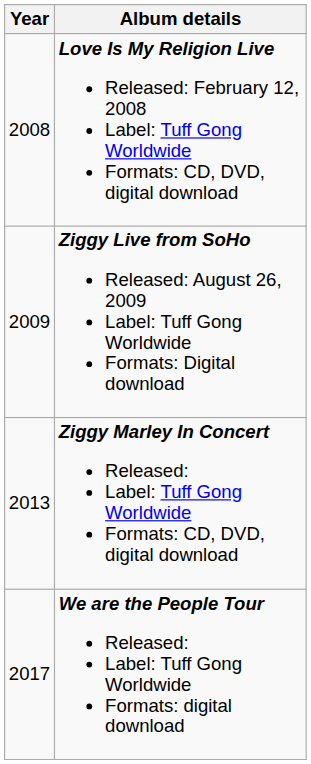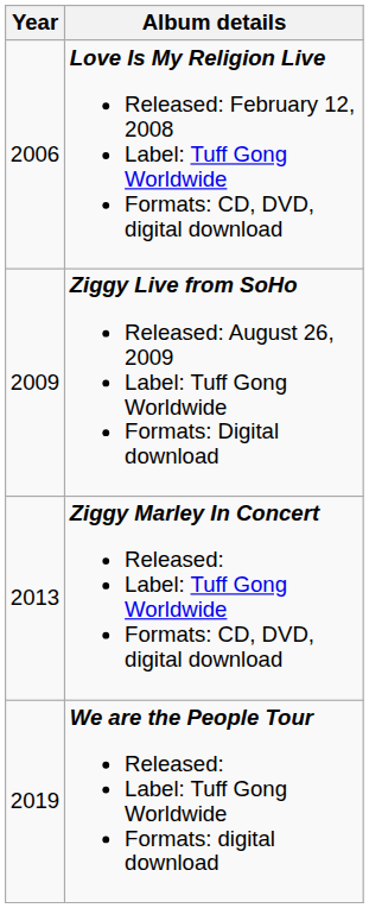 <table class="wikitable" style=text-align:center;>
 <tr>
 <th rowspan="1" style="width:30px;">Year</th>
 <th rowspan="1" style="width:210px;">Album details</th>
 </tr>
 <tr>
-<td>2008</td>
+<td>2006</td>
 <td align=left><strong><em>Love Is My Religion Live</em></strong><br><ul><li>Released: February 12, 2008</li><li>Label: <a href='#'>Tuff Gong Worldwide</a></li><li>Formats: CD, DVD, digital download</li></ul></td>
 </tr>
 <tr>
 <td>2009</td>
 <td align=left><strong><em>Ziggy Live from SoHo</em></strong><br><ul><li>Released: August 26, 2009</li><li>Label: Tuff Gong Worldwide</li><li>Formats: Digital download</li></ul></td>
 </tr>
 <tr>
 <td>2013</td>
 <td align=left><strong><em>Ziggy Marley In Concert</em></strong><br><ul><li>Released:</li><li>Label: <a href='#'>Tuff Gong Worldwide</a></li><li>Formats: CD, DVD, digital download</li></ul></td>
 </tr>
 <tr>
-<td>2017</td>
+<td>2019</td>
 <td align=left><strong><em>We are the People Tour</em></strong><br><ul><li>Released:</li><li>Label: Tuff Gong Worldwide</li><li>Formats: digital download</li></ul></td>
 </tr>
 <tr>
 </tr>
 </table>
